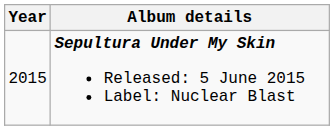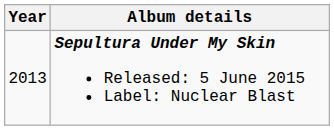 <table class ="wikitable">
 <tr>
 <th>Year</th>
 <th style="width:220px;">Album details</th>
 </tr>
 <tr>
-<td>2015</td>
+<td>2013</td>
 <td><strong><em>Sepultura Under My Skin</em></strong><br><ul><li>Released: 5 June 2015</li><li>Label: Nuclear Blast</li></ul></td>
 </tr>
 </table>
